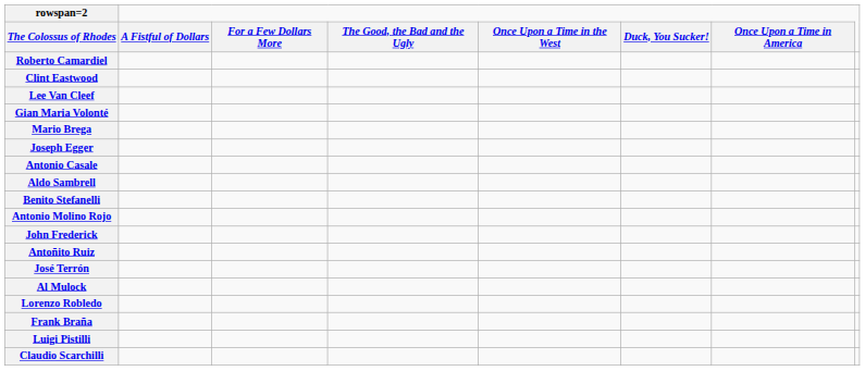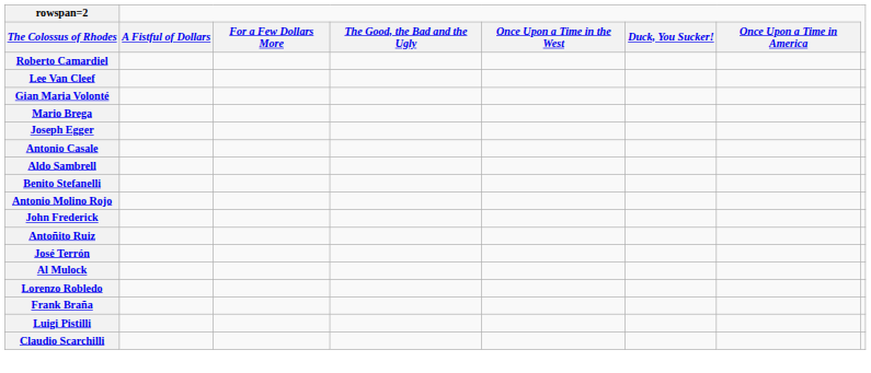 <table class="wikitable" style="text-align:center;font-size:100%;vertical-align:bottom;">
 <tr>
 <th>rowspan=2 </th>
 </tr>
 <tr>
 <th><em><a href='#'>The Colossus of Rhodes</a></em></th>
 <th><em><a href='#'>A Fistful of Dollars</a></em></th>
 <th><em><a href='#'>For a Few Dollars More</a></em></th>
 <th {{verth><em><a href='#'>The Good, the Bad and the Ugly</a></em></th>
 <th><em><a href='#'>Once Upon a Time in the West</a></em></th>
 <th><em><a href='#'>Duck, You Sucker!</a></em></th>
 <th><em><a href='#'>Once Upon a Time in America</a></em></th>
 </tr>
 <tr>
 <th><a href='#'>Roberto Camardiel</a></th>
-<td></td>
-<td></td>
-<td></td>
-<td></td>
-<td></td>
-<td></td>
-<td></td>
-</tr>
-<tr>
-<th><a href='#'>Clint Eastwood</a></th>
 <td></td>
 <td></td>
 <td></td>
 <td></td>
 <td></td>
 <td></td>
 <td></td>
 </tr>
 <tr>
 <th><a href='#'>Lee Van Cleef</a></th>
 <td></td>
 <td></td>
 <td></td>
 <td></td>
 <td></td>
 <td></td>
 <td></td>
 </tr>
 <tr>
 <th><a href='#'>Gian Maria Volonté</a></th>
 <td></td>
 <td></td>
 <td></td>
 <td></td>
 <td></td>
 <td></td>
 <td></td>
 </tr>
 <tr>
 <th><a href='#'>Mario Brega</a></th>
 <td></td>
 <td></td>
 <td></td>
 <td></td>
 <td></td>
 <td></td>
 <td></td>
 </tr>
 <tr>
 <th><a href='#'>Joseph Egger</a></th>
 <td></td>
 <td></td>
 <td></td>
 <td></td>
 <td></td>
 <td></td>
 <td></td>
 </tr>
 <tr>
 <th><a href='#'>Antonio Casale</a></th>
 <td></td>
 <td></td>
 <td></td>
 <td></td>
 <td></td>
 <td></td>
 <td></td>
 </tr>
 <tr>
 <th><a href='#'>Aldo Sambrell</a></th>
 <td></td>
 <td></td>
 <td></td>
 <td></td>
 <td></td>
 <td></td>
 <td></td>
 </tr>
 <tr>
 <th><a href='#'>Benito Stefanelli</a></th>
 <td></td>
 <td></td>
 <td></td>
 <td></td>
 <td></td>
 <td></td>
 <td></td>
 </tr>
 <tr>
 <th><a href='#'>Antonio Molino Rojo</a></th>
 <td></td>
 <td></td>
 <td></td>
 <td></td>
 <td></td>
 <td></td>
 <td></td>
 </tr>
 <tr>
 <th><a href='#'>John Frederick</a></th>
 <td></td>
 <td></td>
 <td></td>
 <td></td>
 <td></td>
 <td></td>
 <td></td>
 </tr>
 <tr>
 <th><a href='#'>Antoñito Ruiz</a></th>
 <td></td>
 <td></td>
 <td></td>
 <td></td>
 <td></td>
 <td></td>
 <td></td>
 </tr>
 <tr>
 <th><a href='#'>José Terrón</a></th>
 <td></td>
 <td></td>
 <td></td>
 <td></td>
 <td></td>
 <td></td>
 <td></td>
 </tr>
 <tr>
 <th><a href='#'>Al Mulock</a></th>
 <td></td>
 <td></td>
 <td></td>
 <td></td>
 <td></td>
 <td></td>
 <td></td>
 </tr>
 <tr>
 <th><a href='#'>Lorenzo Robledo</a></th>
 <td></td>
 <td></td>
 <td></td>
 <td></td>
 <td></td>
 <td></td>
 <td></td>
 </tr>
 <tr>
 <th><a href='#'>Frank Braña</a></th>
 <td></td>
 <td></td>
 <td></td>
 <td></td>
 <td></td>
 <td></td>
 <td></td>
 </tr>
 <tr>
 <th><a href='#'>Luigi Pistilli</a></th>
 <td></td>
 <td></td>
 <td></td>
 <td></td>
 <td></td>
 <td></td>
 <td></td>
 </tr>
 <tr>
 <th><a href='#'>Claudio Scarchilli</a></th>
 <td></td>
 <td></td>
 <td></td>
 <td></td>
 <td></td>
 <td></td>
 <td></td>
 </tr>
 </table>
